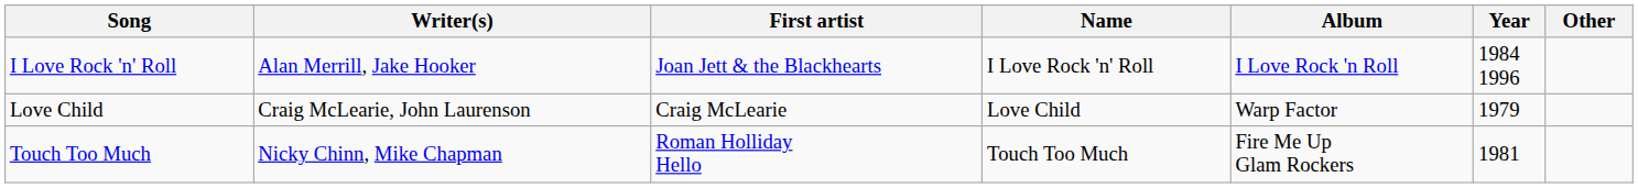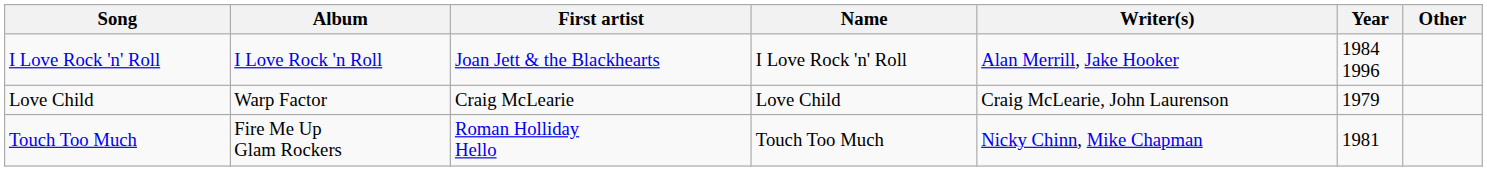 <table class="wikitable sortable" style="margin:0.5em auto; clear: both; text-align: left; width:100%">
 <tr>
 <th>Song</th>
-<th>Writer(s)</th>
+<th>Album</th>
 <th>First artist</th>
 <th>Name</th>
-<th>Album</th>
+<th>Writer(s)</th>
 <th>Year</th>
 <th>Other</th>
 </tr>
 <tr>
 <td><a href='#'>I Love Rock 'n' Roll</a></td>
-<td><a href='#'>Alan Merrill</a>, <a href='#'>Jake Hooker</a></td>
+<td><a href='#'>I Love Rock 'n Roll</a></td>
 <td><a href='#'>Joan Jett & the Blackhearts</a></td>
 <td>I Love Rock 'n' Roll</td>
-<td><a href='#'>I Love Rock 'n Roll</a></td>
+<td><a href='#'>Alan Merrill</a>, <a href='#'>Jake Hooker</a></td>
 <td>1984<br>1996</td>
 <td></td>
 </tr>
 <tr>
 <td>Love Child</td>
-<td>Craig McLearie, John Laurenson</td>
+<td>Warp Factor</td>
 <td>Craig McLearie</td>
 <td>Love Child</td>
-<td>Warp Factor</td>
+<td>Craig McLearie, John Laurenson</td>
 <td>1979</td>
 <td></td>
 </tr>
 <tr>
 <td><a href='#'>Touch Too Much</a></td>
-<td><a href='#'>Nicky Chinn</a>, <a href='#'>Mike Chapman</a></td>
+<td>Fire Me Up <br>Glam Rockers</td>
 <td><a href='#'>Roman Holliday</a><br><a href='#'>Hello</a></td>
 <td>Touch Too Much</td>
-<td>Fire Me Up <br>Glam Rockers</td>
+<td><a href='#'>Nicky Chinn</a>, <a href='#'>Mike Chapman</a></td>
 <td>1981</td>
 <td></td>
 </tr>
 </table>
